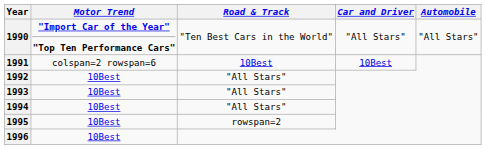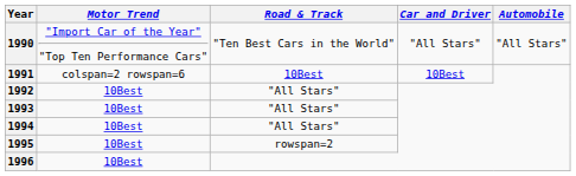 <table class="wikitable" style="font-size:100%;text-align:center;">
 <tr>
 <th>Year</th>
 <th><em><a href='#'>Motor Trend</a></em></th>
 <th><em><a href='#'>Road & Track</a></em></th>
 <th><em><a href='#'>Car and Driver</a></em></th>
 <th><a href='#'><em>Automobile</em></a></th>
 </tr>
 <tr>
 <th>1990</th>
-<td><strong><a href='#'>"Import Car of the Year"</a><hr>"Top Ten Performance Cars"</strong></td>
+<td><a href='#'>"Import Car of the Year"</a><hr>"Top Ten Performance Cars"</td>
 <td>"Ten Best Cars in the World"</td>
 <td>"All Stars"</td>
 <td>"All Stars"</td>
 </tr>
 <tr>
 <th>1991</th>
 <td>colspan=2 rowspan=6 </td>
 <td><a href='#'>10Best</a></td>
 <td><a href='#'>10Best</a></td>
 </tr>
 <tr>
 <th>1992</th>
 <td><a href='#'>10Best</a></td>
 <td>"All Stars"</td>
 </tr>
 <tr>
 <th>1993</th>
 <td><a href='#'>10Best</a></td>
 <td>"All Stars"</td>
 </tr>
 <tr>
 <th>1994</th>
 <td><a href='#'>10Best</a></td>
 <td>"All Stars"</td>
 </tr>
 <tr>
 <th>1995</th>
 <td><a href='#'>10Best</a></td>
 <td>rowspan=2 </td>
 </tr>
 <tr>
 <th>1996</th>
 <td><a href='#'>10Best</a></td>
 </tr>
 </table>
